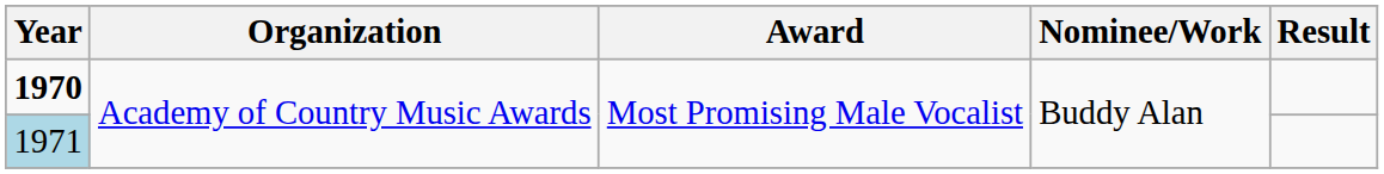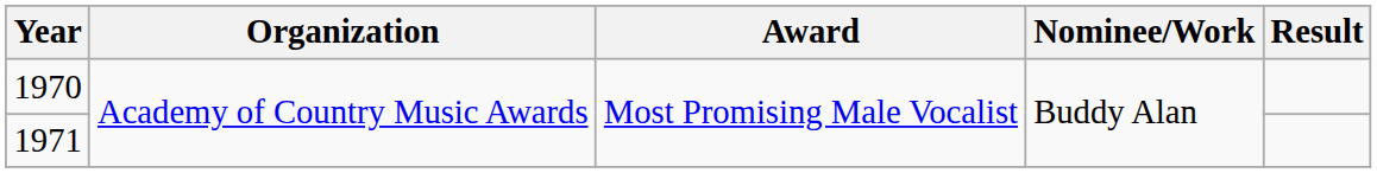 <table class="wikitable">
 <tr>
 <th>Year</th>
 <th>Organization</th>
 <th>Award</th>
 <th>Nominee/Work</th>
 <th>Result</th>
 </tr>
 <tr>
-<td><strong>1970</strong></td>
+<td>1970</td>
 <td rowspan=2><a href='#'>Academy of Country Music Awards</a></td>
 <td rowspan=2><a href='#'>Most Promising Male Vocalist</a></td>
 <td rowspan=2>Buddy Alan</td>
 <td></td>
 </tr>
 <tr>
-<td style="background: lightblue;">1971</td>
+<td>1971</td>
 <td></td>
 </tr>
 </table>
